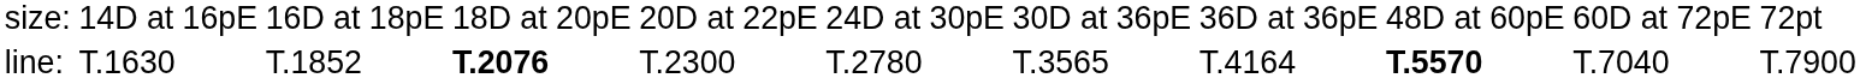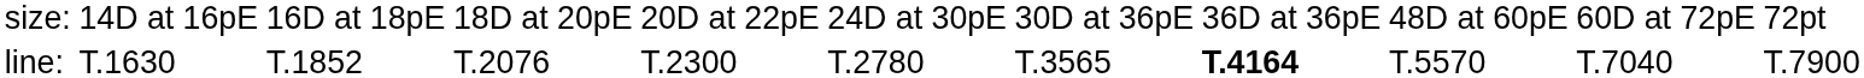 <table style="margin-left:40px;">
 <tr>
 <td>size:</td>
 <td>14D at 16pE</td>
 <td>16D at 18pE</td>
 <td>18D at 20pE</td>
 <td>20D at 22pE</td>
 <td>24D at 30pE</td>
 <td>30D at 36pE</td>
 <td>36D at 36pE</td>
 <td>48D at 60pE</td>
 <td>60D at 72pE</td>
 <td>72pt</td>
 </tr>
 <tr>
 <td>line:</td>
 <td>T.1630</td>
 <td>T.1852</td>
-<td><strong>T.2076</strong></td>
+<td>T.2076</td>
 <td>T.2300</td>
 <td>T.2780</td>
 <td>T.3565</td>
-<td>T.4164</td>
-<td><strong>T.5570</strong></td>
+<td><strong>T.4164</strong></td>
+<td>T.5570</td>
 <td>T.7040</td>
 <td>T.7900</td>
 </tr>
 </table>
